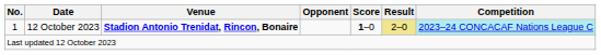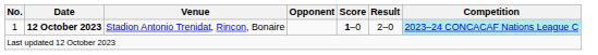 <table class="wikitable" style="font-size:85%;">
 <tr>
 <th>No.</th>
 <th>Date</th>
 <th>Venue</th>
 <th>Opponent</th>
 <th>Score</th>
 <th>Result</th>
 <th>Competition</th>
 </tr>
 <tr>
 <td align="center">1</td>
-<td>12 October 2023</td>
-<td><strong><a href='#'>Stadion Antonio Trenidat</a>, <a href='#'>Rincon</a>, Bonaire</strong></td>
+<td><strong>12 October 2023</strong></td>
+<td><a href='#'>Stadion Antonio Trenidat</a>, <a href='#'>Rincon</a>, Bonaire</td>
 <td></td>
 <td align=center><strong>1</strong>–0</td>
-<td align=center style="background: khaki;">2–0</td>
+<td align=center>2–0</td>
 <td style="background: paleturquoise;"><a href='#'>2023–24 CONCACAF Nations League C</a></td>
 </tr>
 <tr>
 <td colspan="7"><small>Last updated 12 October 2023</small></td>
 </tr>
 </table>
